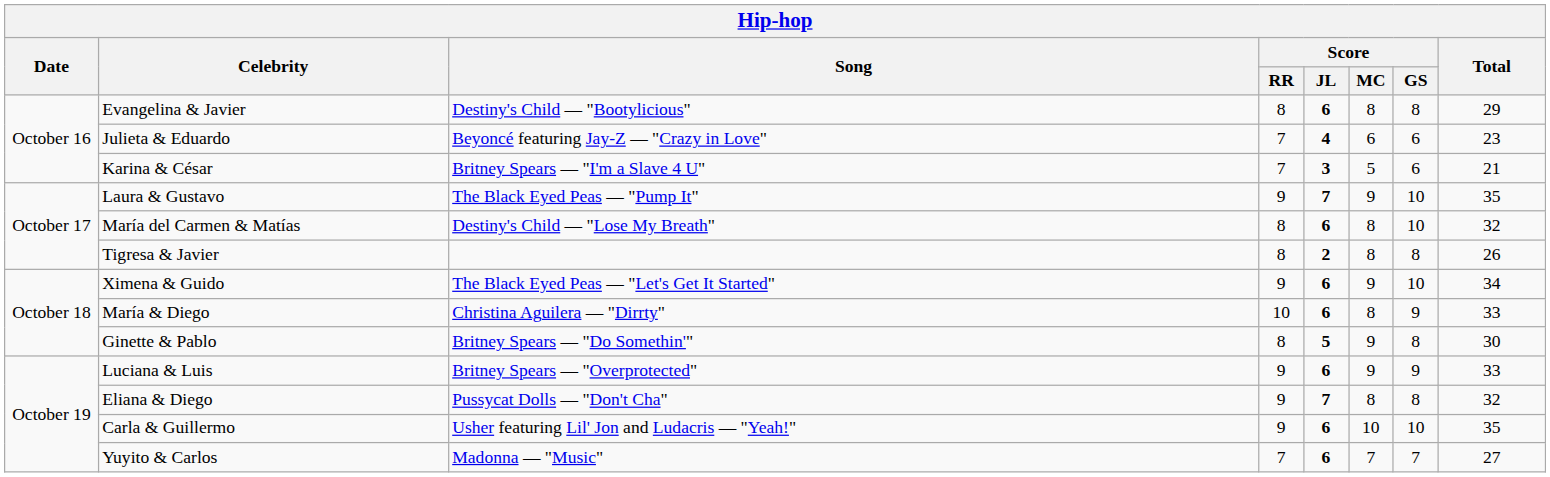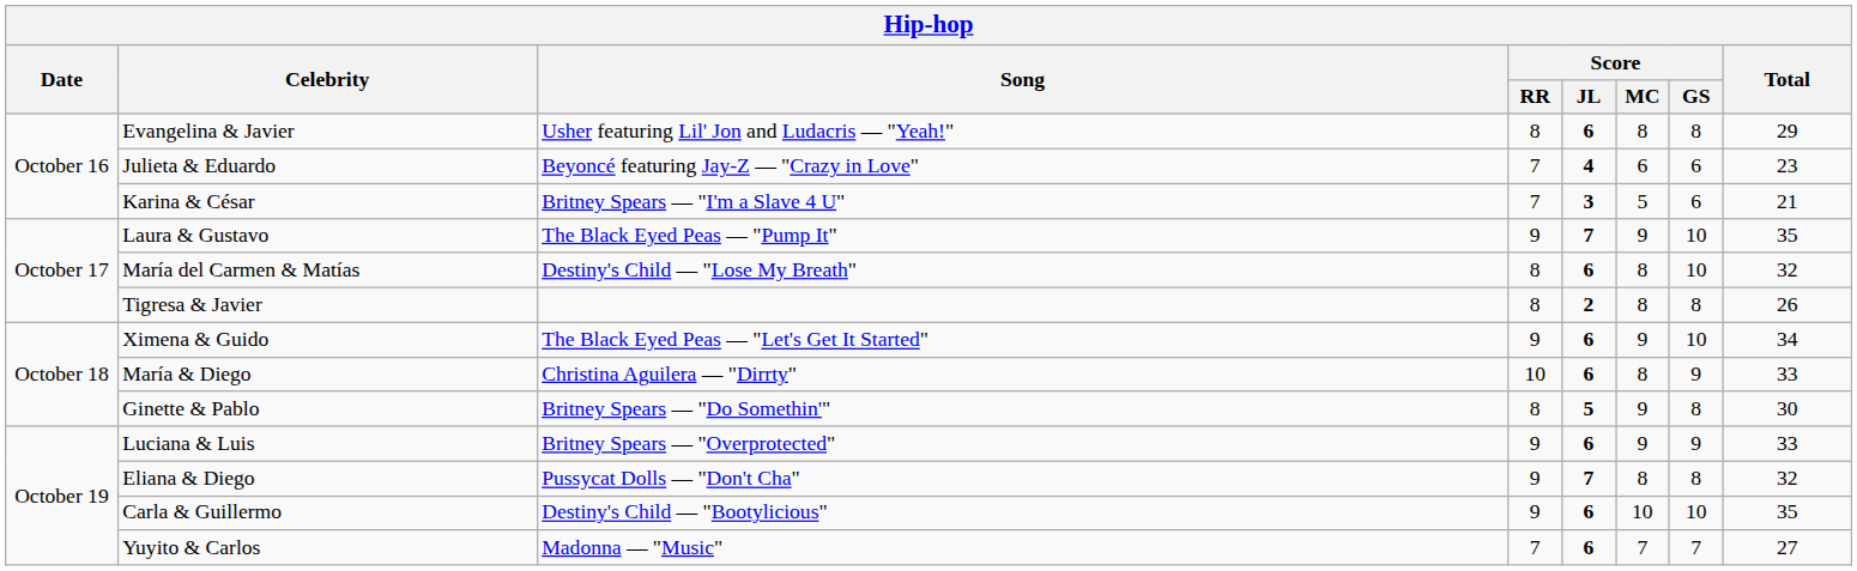 <table class="wikitable collapsible collapsed" style="font-size:90%; text-align: center; width: 100%;">
 <tr>
 <th colspan="11" style="with: 95%;"><big><a href='#'>Hip-hop</a></big></th>
 </tr>
 <tr>
 <th width=70 rowspan="2">Date</th>
 <th width=280 rowspan="2">Celebrity</th>
 <th rowspan="2">Song</th>
 <th colspan="4">Score</th>
 <th rowspan="2">Total</th>
 </tr>
 <tr>
 <th width=30>RR</th>
 <th width=30>JL</th>
 <th width=30>MC</th>
 <th width=30>GS</th>
 </tr>
 <tr>
 <td rowspan="3">October 16</td>
 <td style="text-align:left;">Evangelina & Javier</td>
-<td style="text-align:left;"><a href='#'>Destiny's Child</a> — "<a href='#'>Bootylicious</a>"</td>
+<td style="text-align:left;"><a href='#'>Usher</a> featuring <a href='#'>Lil' Jon</a> and <a href='#'>Ludacris</a> — "<a href='#'>Yeah!</a>"</td>
 <td>8</td>
 <td><strong>6</strong></td>
 <td>8</td>
 <td>8</td>
 <td>29</td>
 </tr>
 <tr>
 <td style="text-align:left;">Julieta & Eduardo</td>
 <td style="text-align:left;"><a href='#'>Beyoncé</a> featuring <a href='#'>Jay-Z</a> — "<a href='#'>Crazy in Love</a>"</td>
 <td>7</td>
 <td><strong>4</strong></td>
 <td>6</td>
 <td>6</td>
 <td>23</td>
 </tr>
 <tr>
 <td style="text-align:left;">Karina & César</td>
 <td style="text-align:left;"><a href='#'>Britney Spears</a> — "<a href='#'>I'm a Slave 4 U</a>"</td>
 <td>7</td>
 <td><strong>3</strong></td>
 <td>5</td>
 <td>6</td>
 <td>21</td>
 </tr>
 <tr>
 <td rowspan="3">October 17</td>
 <td style="text-align:left;">Laura & Gustavo</td>
 <td style="text-align:left;"><a href='#'>The Black Eyed Peas</a> — "<a href='#'>Pump It</a>"</td>
 <td>9</td>
 <td><strong>7</strong></td>
 <td>9</td>
 <td>10</td>
 <td>35</td>
 </tr>
 <tr>
 <td style="text-align:left;">María del Carmen & Matías</td>
 <td style="text-align:left;"><a href='#'>Destiny's Child</a> — "<a href='#'>Lose My Breath</a>"</td>
 <td>8</td>
 <td><strong>6</strong></td>
 <td>8</td>
 <td>10</td>
 <td>32</td>
 </tr>
 <tr>
 <td style="text-align:left;">Tigresa & Javier</td>
 <td></td>
 <td>8</td>
 <td><strong>2</strong></td>
 <td>8</td>
 <td>8</td>
 <td>26</td>
 </tr>
 <tr>
 <td rowspan="3">October 18</td>
 <td style="text-align:left;">Ximena & Guido</td>
 <td style="text-align:left;"><a href='#'>The Black Eyed Peas</a> — "<a href='#'>Let's Get It Started</a>"</td>
 <td>9</td>
 <td><strong>6</strong></td>
 <td>9</td>
 <td>10</td>
 <td>34</td>
 </tr>
 <tr>
 <td style="text-align:left;">María & Diego</td>
 <td style="text-align:left;"><a href='#'>Christina Aguilera</a> — "<a href='#'>Dirrty</a>"</td>
 <td>10</td>
 <td><strong>6</strong></td>
 <td>8</td>
 <td>9</td>
 <td>33</td>
 </tr>
 <tr>
 <td style="text-align:left;">Ginette & Pablo</td>
 <td style="text-align:left;"><a href='#'>Britney Spears</a> — "<a href='#'>Do Somethin'</a>"</td>
 <td>8</td>
 <td><strong>5</strong></td>
 <td>9</td>
 <td>8</td>
 <td>30</td>
 </tr>
 <tr>
 <td rowspan="4">October 19</td>
 <td style="text-align:left;">Luciana & Luis</td>
 <td style="text-align:left;"><a href='#'>Britney Spears</a> — "<a href='#'>Overprotected</a>"</td>
 <td>9</td>
 <td><strong>6</strong></td>
 <td>9</td>
 <td>9</td>
 <td>33</td>
 </tr>
 <tr>
 <td style="text-align:left;">Eliana & Diego</td>
 <td style="text-align:left;"><a href='#'>Pussycat Dolls</a> — "<a href='#'>Don't Cha</a>"</td>
 <td>9</td>
 <td><strong>7</strong></td>
 <td>8</td>
 <td>8</td>
 <td>32</td>
 </tr>
 <tr>
 <td style="text-align:left;">Carla & Guillermo</td>
-<td style="text-align:left;"><a href='#'>Usher</a> featuring <a href='#'>Lil' Jon</a> and <a href='#'>Ludacris</a> — "<a href='#'>Yeah!</a>"</td>
+<td style="text-align:left;"><a href='#'>Destiny's Child</a> — "<a href='#'>Bootylicious</a>"</td>
 <td>9</td>
 <td><strong>6</strong></td>
 <td>10</td>
 <td>10</td>
 <td>35</td>
 </tr>
 <tr>
 <td style="text-align:left;">Yuyito & Carlos</td>
 <td style="text-align:left;"><a href='#'>Madonna</a> — "<a href='#'>Music</a>"</td>
 <td>7</td>
 <td><strong>6</strong></td>
 <td>7</td>
 <td>7</td>
 <td>27</td>
 </tr>
 </table>
